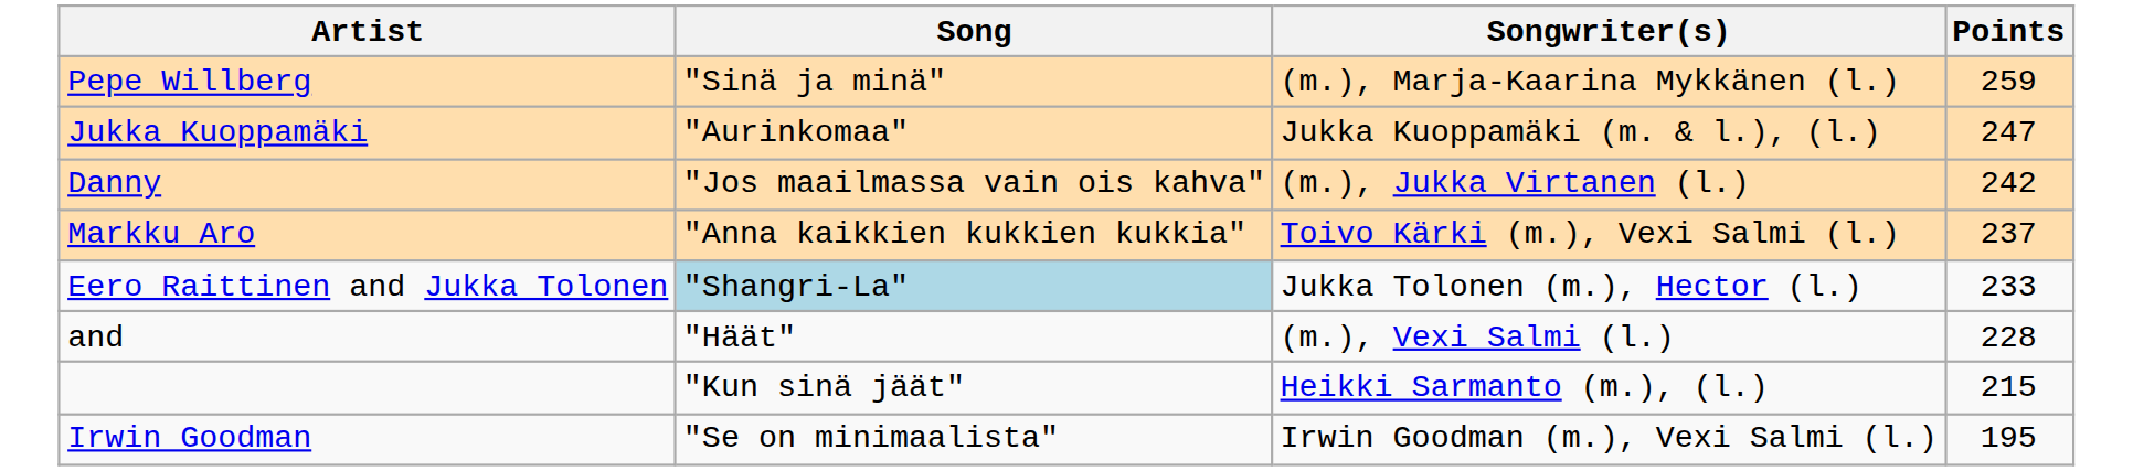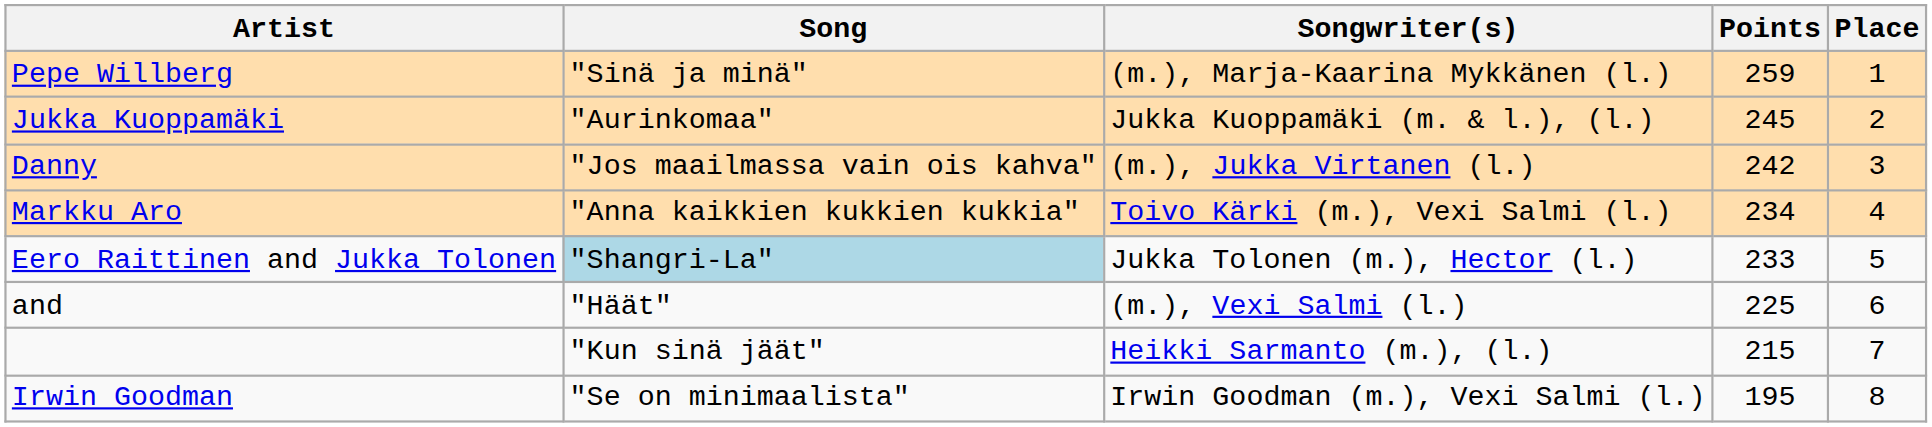 <table class="sortable wikitable" style="margin: 1em auto 1em auto;">
 <tr>
 <th>Artist</th>
 <th>Song</th>
 <th>Songwriter(s)</th>
 <th>Points</th>
+<th>Place</th>
 </tr>
 <tr bgcolor="#FFDEAD">
 <td><a href='#'>Pepe Willberg</a></td>
 <td>"Sinä ja minä"</td>
 <td> (m.), Marja-Kaarina Mykkänen (l.)</td>
 <td align="center">259</td>
+<td align="center">1</td>
 </tr>
 <tr bgcolor="#FFDEAD">
 <td><a href='#'>Jukka Kuoppamäki</a></td>
 <td>"Aurinkomaa"</td>
 <td>Jukka Kuoppamäki (m. & l.),  (l.)</td>
-<td align="center">247</td>
+<td align="center">245</td>
+<td align="center">2</td>
 </tr>
 <tr bgcolor="#FFDEAD">
 <td><a href='#'>Danny</a></td>
 <td>"Jos maailmassa vain ois kahva"</td>
 <td> (m.), <a href='#'>Jukka Virtanen</a> (l.)</td>
 <td align="center">242</td>
+<td align="center">3</td>
 </tr>
 <tr bgcolor="#FFDEAD">
 <td><a href='#'>Markku Aro</a></td>
 <td>"Anna kaikkien kukkien kukkia"</td>
 <td><a href='#'>Toivo Kärki</a> (m.), Vexi Salmi (l.)</td>
-<td align="center">237</td>
+<td align="center">234</td>
+<td align="center">4</td>
 </tr>
 <tr>
 <td><a href='#'>Eero Raittinen</a> and <a href='#'>Jukka Tolonen</a></td>
 <td style="background: lightblue;">"Shangri-La"</td>
 <td>Jukka Tolonen (m.), <a href='#'>Hector</a> (l.)</td>
 <td align="center">233</td>
+<td align="center">5</td>
 </tr>
 <tr>
 <td> and </td>
 <td>"Häät"</td>
 <td> (m.), <a href='#'>Vexi Salmi</a> (l.)</td>
-<td align="center">228</td>
+<td align="center">225</td>
+<td align="center">6</td>
 </tr>
 <tr>
 <td></td>
 <td>"Kun sinä jäät"</td>
 <td><a href='#'>Heikki Sarmanto</a> (m.),  (l.)</td>
 <td align="center">215</td>
+<td align="center">7</td>
 </tr>
 <tr>
 <td><a href='#'>Irwin Goodman</a></td>
 <td>"Se on minimaalista"</td>
 <td>Irwin Goodman (m.), Vexi Salmi (l.)</td>
 <td align="center">195</td>
+<td align="center">8</td>
 </tr>
 </table>
